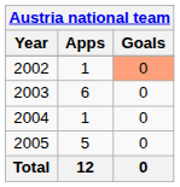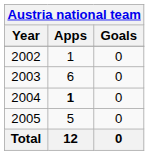 <table class="wikitable" style="text-align:center">
 <tr>
 <th colspan=3><a href='#'>Austria national team</a></th>
 </tr>
 <tr>
 <th>Year</th>
 <th>Apps</th>
 <th>Goals</th>
 </tr>
 <tr>
 </tr>
 <tr>
 <td>2002</td>
 <td>1</td>
-<td style="background: lightsalmon;">0</td>
+<td>0</td>
 </tr>
 <tr>
 <td>2003</td>
 <td>6</td>
 <td>0</td>
 </tr>
 <tr>
 <td>2004</td>
-<td>1</td>
+<td><strong>1</strong></td>
 <td>0</td>
 </tr>
 <tr>
 <td>2005</td>
 <td>5</td>
 <td>0</td>
 </tr>
 <tr>
 <th>Total</th>
 <th>12</th>
 <th>0</th>
 </tr>
 </table>
